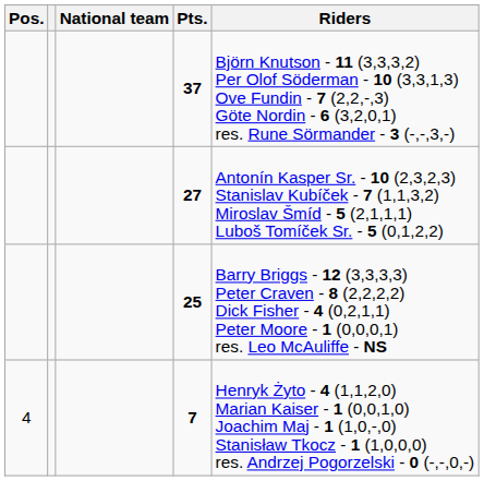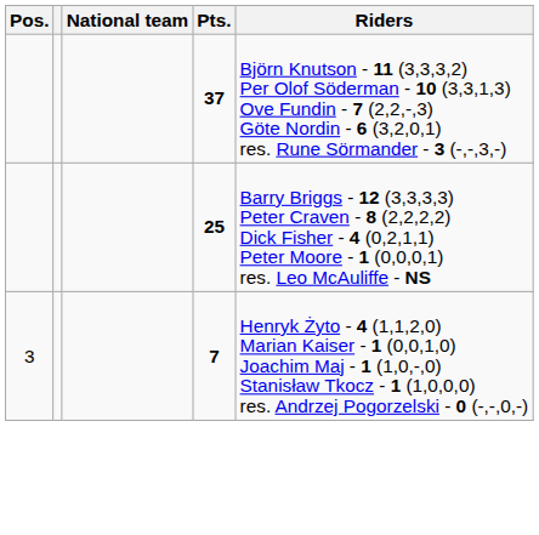 <table class=wikitable style="font-size:93%;">
 <tr>
 <th>Pos.</th>
 <th></th>
 <th>National team</th>
 <th>Pts.</th>
 <th>Riders</th>
 </tr>
 <tr align=center >
 <td></td>
 <td></td>
 <td align=left></td>
 <td><strong>37</strong></td>
 <td align=left><br><a href='#'>Björn Knutson</a> - <strong>11</strong> (3,3,3,2)<br> <a href='#'>Per Olof Söderman</a> - <strong>10</strong> (3,3,1,3)<br> <a href='#'>Ove Fundin</a> - <strong>7</strong> (2,2,-,3)<br> <a href='#'>Göte Nordin</a> - <strong>6</strong> (3,2,0,1)<br> res. <a href='#'>Rune Sörmander</a> - <strong>3</strong> (-,-,3,-)</td>
 </tr>
 <tr align=center >
 <td></td>
 <td></td>
 <td align=left></td>
-<td><strong>27</strong></td>
-<td align=left><br><a href='#'>Antonín Kasper Sr.</a> - <strong>10</strong> (2,3,2,3)<br> <a href='#'>Stanislav Kubíček</a> - <strong>7</strong> (1,1,3,2)<br> <a href='#'>Miroslav Šmíd</a> - <strong>5</strong> (2,1,1,1)<br> <a href='#'>Luboš Tomíček Sr.</a> - <strong>5</strong> (0,1,2,2)</td>
-</tr>
-<tr align=center >
-<td></td>
-<td></td>
-<td align=left></td>
 <td><strong>25</strong></td>
 <td align=left><br><a href='#'>Barry Briggs</a> - <strong>12</strong> (3,3,3,3)<br> <a href='#'>Peter Craven</a> - <strong>8</strong> (2,2,2,2)<br> <a href='#'>Dick Fisher</a> - <strong>4</strong> (0,2,1,1)<br> <a href='#'>Peter Moore</a> - <strong>1</strong> (0,0,0,1)<br> res. <a href='#'>Leo McAuliffe</a> - <strong>NS</strong></td>
 </tr>
 <tr align=center>
-<td>4</td>
+<td>3</td>
 <td></td>
 <td align=left></td>
 <td><strong>7</strong></td>
 <td align=left><br><a href='#'>Henryk Żyto</a> - <strong>4</strong> (1,1,2,0)<br> <a href='#'>Marian Kaiser</a> - <strong>1</strong> (0,0,1,0)<br> <a href='#'>Joachim Maj</a> - <strong>1</strong> (1,0,-,0)<br> <a href='#'>Stanisław Tkocz</a> - <strong>1</strong> (1,0,0,0)<br> res. <a href='#'>Andrzej Pogorzelski</a> - <strong>0</strong> (-,-,0,-)</td>
 </tr>
 </table>
